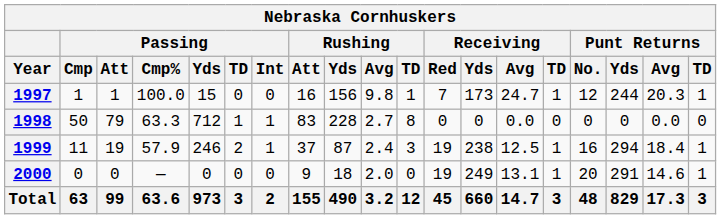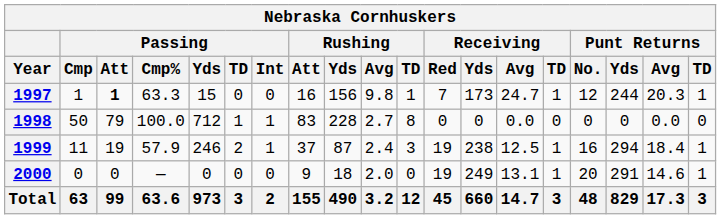 <table class=wikitable style="text-align:center">
 <tr>
 <th colspan="19">Nebraska Cornhuskers</th>
 </tr>
 <tr>
 <th></th>
 <th colspan="6">Passing</th>
 <th colspan="4">Rushing</th>
 <th colspan="4">Receiving</th>
 <th colspan="4">Punt Returns</th>
 </tr>
 <tr>
 <th>Year</th>
 <th>Cmp</th>
 <th>Att</th>
 <th>Cmp%</th>
 <th>Yds</th>
 <th>TD</th>
 <th>Int</th>
 <th>Att</th>
 <th>Yds</th>
 <th>Avg</th>
 <th>TD</th>
 <th>Red</th>
 <th>Yds</th>
 <th>Avg</th>
 <th>TD</th>
 <th>No.</th>
 <th>Yds</th>
 <th>Avg</th>
 <th>TD</th>
 </tr>
 <tr>
 <th><a href='#'>1997</a></th>
 <td>1</td>
-<td>1</td>
-<td>100.0</td>
+<td><strong>1</strong></td>
+<td>63.3</td>
 <td>15</td>
 <td>0</td>
 <td>0</td>
 <td>16</td>
 <td>156</td>
 <td>9.8</td>
 <td>1</td>
 <td>7</td>
 <td>173</td>
 <td>24.7</td>
 <td>1</td>
 <td>12</td>
 <td>244</td>
 <td>20.3</td>
 <td>1</td>
 </tr>
 <tr>
 <th><a href='#'>1998</a></th>
 <td>50</td>
 <td>79</td>
-<td>63.3</td>
+<td>100.0</td>
 <td>712</td>
 <td>1</td>
 <td>1</td>
 <td>83</td>
 <td>228</td>
 <td>2.7</td>
 <td>8</td>
 <td>0</td>
 <td>0</td>
 <td>0.0</td>
 <td>0</td>
 <td>0</td>
 <td>0</td>
 <td>0.0</td>
 <td>0</td>
 </tr>
 <tr>
 <th><a href='#'>1999</a></th>
 <td>11</td>
 <td>19</td>
 <td>57.9</td>
 <td>246</td>
 <td>2</td>
 <td>1</td>
 <td>37</td>
 <td>87</td>
 <td>2.4</td>
 <td>3</td>
 <td>19</td>
 <td>238</td>
 <td>12.5</td>
 <td>1</td>
 <td>16</td>
 <td>294</td>
 <td>18.4</td>
 <td>1</td>
 </tr>
 <tr>
 <th><a href='#'>2000</a></th>
 <td>0</td>
 <td>0</td>
 <td>—</td>
 <td>0</td>
 <td>0</td>
 <td>0</td>
 <td>9</td>
 <td>18</td>
 <td>2.0</td>
 <td>0</td>
 <td>19</td>
 <td>249</td>
 <td>13.1</td>
 <td>1</td>
 <td>20</td>
 <td>291</td>
 <td>14.6</td>
 <td>1</td>
 </tr>
 <tr>
 <th>Total</th>
 <th>63</th>
 <th>99</th>
 <th>63.6</th>
 <th>973</th>
 <th>3</th>
 <th>2</th>
 <th>155</th>
 <th>490</th>
 <th>3.2</th>
 <th>12</th>
 <th>45</th>
 <th>660</th>
 <th>14.7</th>
 <th>3</th>
 <th>48</th>
 <th>829</th>
 <th>17.3</th>
 <th>3</th>
 </tr>
 </table>
